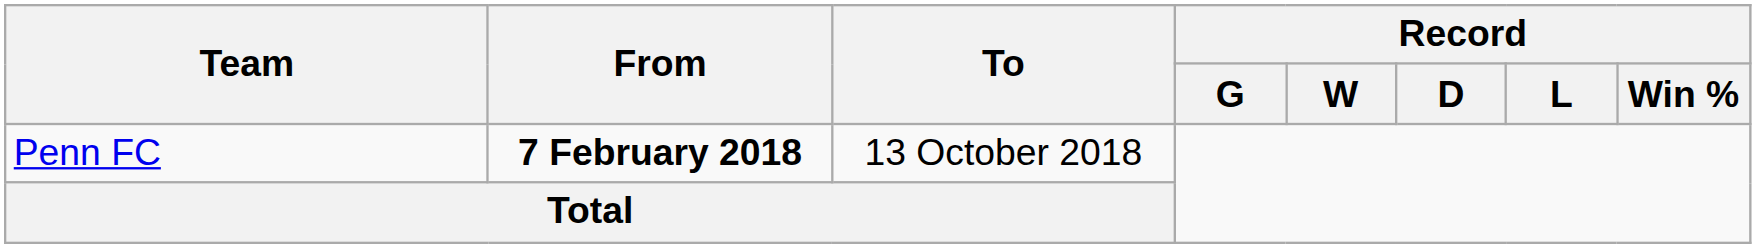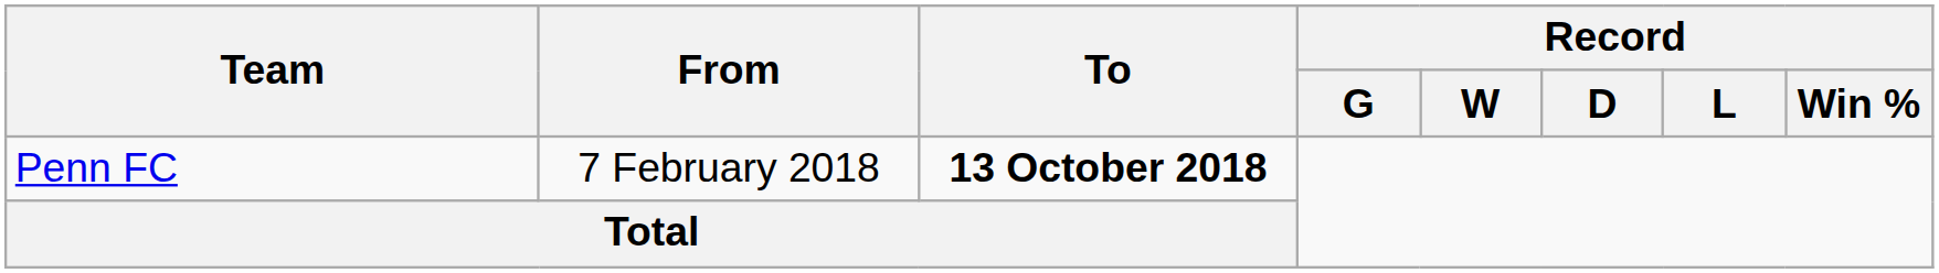 <table class="wikitable" style="text-align:center">
 <tr>
 <th rowspan="2!" style="width:200px;">Team</th>
 <th rowspan="2!" style="width:140px;">From</th>
 <th rowspan="2!" style="width:140px;">To</th>
 <th colspan="7">Record</th>
 </tr>
 <tr>
 <th style="width:40px;">G</th>
 <th style="width:40px;">W</th>
 <th style="width:40px;">D</th>
 <th style="width:40px;">L</th>
 <th style="width:50px;">Win %</th>
 </tr>
 <tr>
 <td style="text-align:left;"><a href='#'>Penn FC</a></td>
-<td><strong>7 February 2018</strong></td>
-<td>13 October 2018<br></td>
+<td>7 February 2018</td>
+<td><strong>13 October 2018<br></strong></td>
 </tr>
 <tr>
 <th colspan="3">Total<br></th>
 </tr>
 </table>
